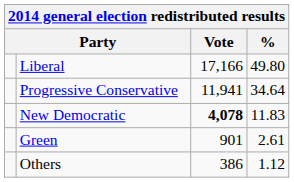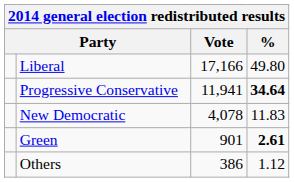 <table class="wikitable">
 <tr>
 <th colspan="4"><a href='#'>2014 general election</a> redistributed results</th>
 </tr>
 <tr>
 <th bgcolor="#DDDDFF" width="130px" colspan="2">Party</th>
 <th bgcolor="#DDDDFF" width="50px">Vote</th>
 <th bgcolor="#DDDDFF" width="30px">%</th>
 </tr>
 <tr>
 <td> </td>
 <td><a href='#'>Liberal</a></td>
 <td align=right>17,166</td>
 <td align=right>49.80</td>
 </tr>
 <tr>
 <td> </td>
 <td><a href='#'>Progressive Conservative</a></td>
 <td align=right>11,941</td>
-<td align=right>34.64</td>
+<td align=right><strong>34.64</strong></td>
 </tr>
 <tr>
 <td> </td>
 <td><a href='#'>New Democratic</a></td>
-<td align=right><strong>4,078</strong></td>
+<td align=right>4,078</td>
 <td align=right>11.83</td>
 </tr>
 <tr>
 <td> </td>
 <td><a href='#'>Green</a></td>
 <td align=right>901</td>
-<td align=right>2.61</td>
+<td align=right><strong>2.61</strong></td>
 </tr>
 <tr>
 <td> </td>
 <td>Others</td>
 <td align=right>386</td>
 <td align=right>1.12</td>
 </tr>
 </table>
